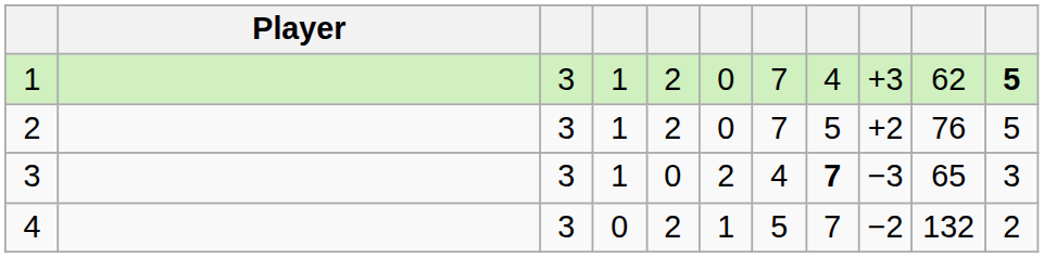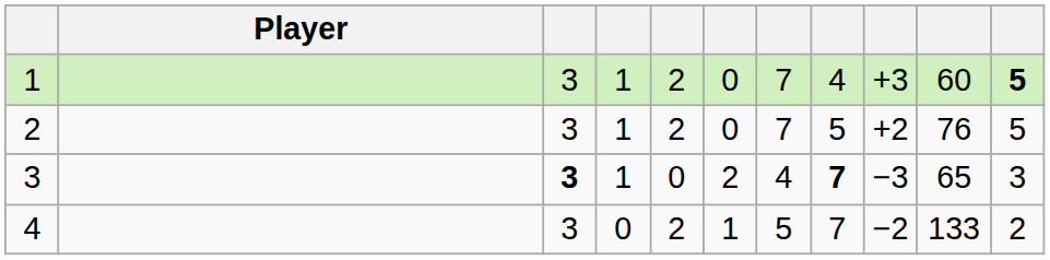 <table class="wikitable" style="text-align:center; margin: 1em auto 1em auto, align:left">
 <tr>
 <th width=20></th>
 <th width=240>Player</th>
 <th width=20></th>
 <th width=20></th>
 <th width=20></th>
 <th width=20></th>
 <th width=20></th>
 <th width=20></th>
 <th width=20></th>
 <th width=30></th>
 <th width=20></th>
 </tr>
 <tr style="background:#D0F0C0;">
 <td>1</td>
 <td align=left></td>
 <td>3</td>
 <td>1</td>
 <td>2</td>
 <td>0</td>
 <td>7</td>
 <td>4</td>
 <td>+3</td>
-<td>62</td>
+<td>60</td>
 <td><strong>5</strong></td>
 </tr>
 <tr style=>
 <td>2</td>
 <td align=left></td>
 <td>3</td>
 <td>1</td>
 <td>2</td>
 <td>0</td>
 <td>7</td>
 <td>5</td>
 <td>+2</td>
 <td>76</td>
 <td>5</td>
 </tr>
 <tr style=>
 <td>3</td>
 <td align=left></td>
-<td>3</td>
+<td><strong>3</strong></td>
 <td>1</td>
 <td>0</td>
 <td>2</td>
 <td>4</td>
 <td><strong>7</strong></td>
 <td>−3</td>
 <td>65</td>
 <td>3</td>
 </tr>
 <tr style=>
 <td>4</td>
 <td align=left></td>
 <td>3</td>
 <td>0</td>
 <td>2</td>
 <td>1</td>
 <td>5</td>
 <td>7</td>
 <td>−2</td>
-<td>132</td>
+<td>133</td>
 <td>2</td>
 </tr>
 </table>
